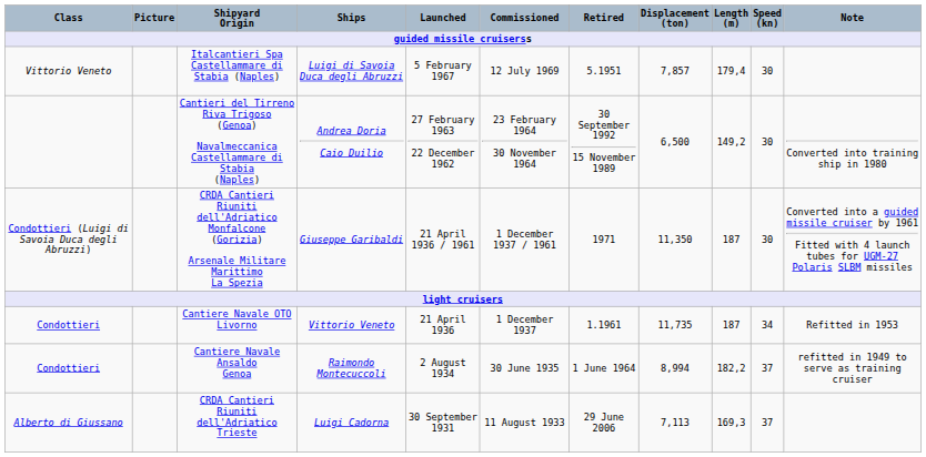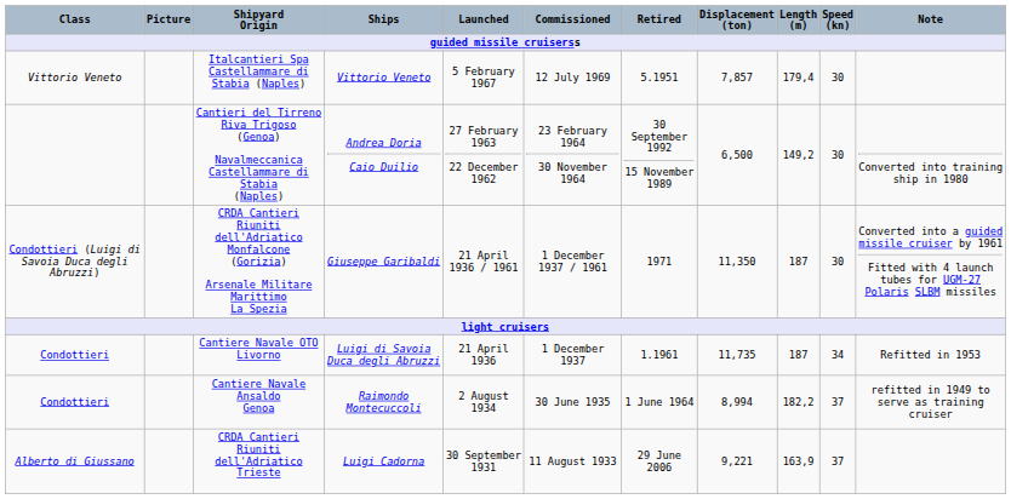 <table class="wikitable" style="text-align:center;">
 <tr>
 <th style="text-align: central; background: #aabccc;">Class</th>
 <th style="text-align: central; background: #aabccc;">Picture</th>
 <th style="text-align: central; background: #aabccc;">Shipyard<br>Origin</th>
 <th style="text-align: central; background: #aabccc;">Ships</th>
 <th style="text-align: central; background: #aabccc;">Launched</th>
 <th style="text-align: central; background: #aabccc;">Commissioned</th>
 <th style="text-align: central; background: #aabccc;">Retired</th>
 <th style="text-align: central; background: #aabccc;">Displacement<br>(ton)</th>
 <th style="text-align: central; background: #aabccc;">Length<br>(m)</th>
 <th style="text-align: central; background: #aabccc;">Speed<br>(kn)</th>
 <th style="text-align: central; background: #aabccc;">Note</th>
 </tr>
 <tr>
 <th style="align: center; background: lavender;" colspan="11"><strong><a href='#'>guided missile cruisers</a>s</strong></th>
 </tr>
 <tr>
 <td><em>Vittorio Veneto</em></td>
 <td></td>
 <td><a href='#'>Italcantieri Spa</a><br><a href='#'>Castellammare di Stabia</a> (<a href='#'>Naples</a>)<br><br></td>
-<td><a href='#'><em>Luigi di Savoia Duca degli Abruzzi</em></a></td>
+<td><em><a href='#'>Vittorio Veneto</a></em></td>
 <td>5 February 1967</td>
 <td>12 July 1969</td>
 <td>5.1951</td>
 <td>7,857</td>
 <td>179,4</td>
 <td>30</td>
 <td></td>
 </tr>
 <tr>
 <td></td>
 <td></td>
 <td><a href='#'>Cantieri del Tirreno</a><br><a href='#'>Riva Trigoso</a><br>(<a href='#'>Genoa</a>)<br><br><a href='#'>Navalmeccanica</a><br><a href='#'>Castellammare di Stabia</a><br>(<a href='#'>Naples</a>)<br></td>
 <td><em><a href='#'>Andrea Doria</a></em><hr><em><a href='#'>Caio Duilio</a></em></td>
 <td>27 February 1963<hr>22 December 1962</td>
 <td>23 February 1964<hr>30 November 1964</td>
 <td>30 September 1992<hr>15 November 1989</td>
 <td>6,500</td>
 <td>149,2</td>
 <td>30</td>
 <td><br><br><hr>Converted into training ship in 1980</td>
 </tr>
 <tr>
 <td><a href='#'>Condottieri</a> (<em>Luigi di Savoia Duca degli Abruzzi</em>)</td>
 <td></td>
 <td><a href='#'>CRDA Cantieri Riuniti dell'Adriatico</a><br><a href='#'>Monfalcone</a><br>(<a href='#'>Gorizia</a>)<br><br><a href='#'>Arsenale Militare Marittimo</a><br><a href='#'>La Spezia</a><br></td>
 <td><a href='#'><em>Giuseppe Garibaldi</em></a></td>
 <td>21 April 1936 / 1961</td>
 <td>1 December 1937 / 1961</td>
 <td>1971</td>
 <td>11,350</td>
 <td>187</td>
 <td>30</td>
 <td>Converted into a <a href='#'>guided missile cruiser</a> by 1961<hr>Fitted with 4 launch tubes for <a href='#'>UGM-27 Polaris</a> <a href='#'>SLBM</a> missiles</td>
 </tr>
 <tr>
 <th style="align: center; background: lavender;" colspan="11"><strong><a href='#'>light cruisers</a></strong></th>
 </tr>
 <tr>
 <td><a href='#'>Condottieri</a></td>
 <td></td>
 <td><a href='#'>Cantiere Navale OTO</a><br><a href='#'>Livorno</a><br><br></td>
-<td><em><a href='#'>Vittorio Veneto</a></em></td>
+<td><a href='#'><em>Luigi di Savoia Duca degli Abruzzi</em></a></td>
 <td>21 April 1936</td>
 <td>1 December 1937</td>
 <td>1.1961</td>
 <td>11,735</td>
 <td>187</td>
 <td>34</td>
 <td>Refitted in 1953</td>
 </tr>
 <tr>
 <td><a href='#'>Condottieri</a></td>
 <td></td>
 <td><a href='#'>Cantiere Navale Ansaldo</a><br><a href='#'>Genoa</a><br><br></td>
 <td><a href='#'><em>Raimondo Montecuccoli</em></a></td>
 <td>2 August 1934</td>
 <td>30 June 1935</td>
 <td>1 June 1964</td>
 <td>8,994</td>
 <td>182,2</td>
 <td>37</td>
 <td>refitted in 1949 to serve as training cruiser</td>
 </tr>
 <tr>
 <td><a href='#'><em>Alberto di Giussano</em></a></td>
 <td></td>
 <td><a href='#'>CRDA Cantieri Riuniti dell'Adriatico</a><br><a href='#'>Trieste</a><br><br></td>
 <td><a href='#'><em>Luigi Cadorna</em></a></td>
 <td>30 September 1931</td>
 <td>11 August 1933</td>
 <td>29 June 2006</td>
-<td>7,113</td>
-<td>169,3</td>
+<td>9,221</td>
+<td>163,9</td>
 <td>37</td>
 <td></td>
 </tr>
 </table>
